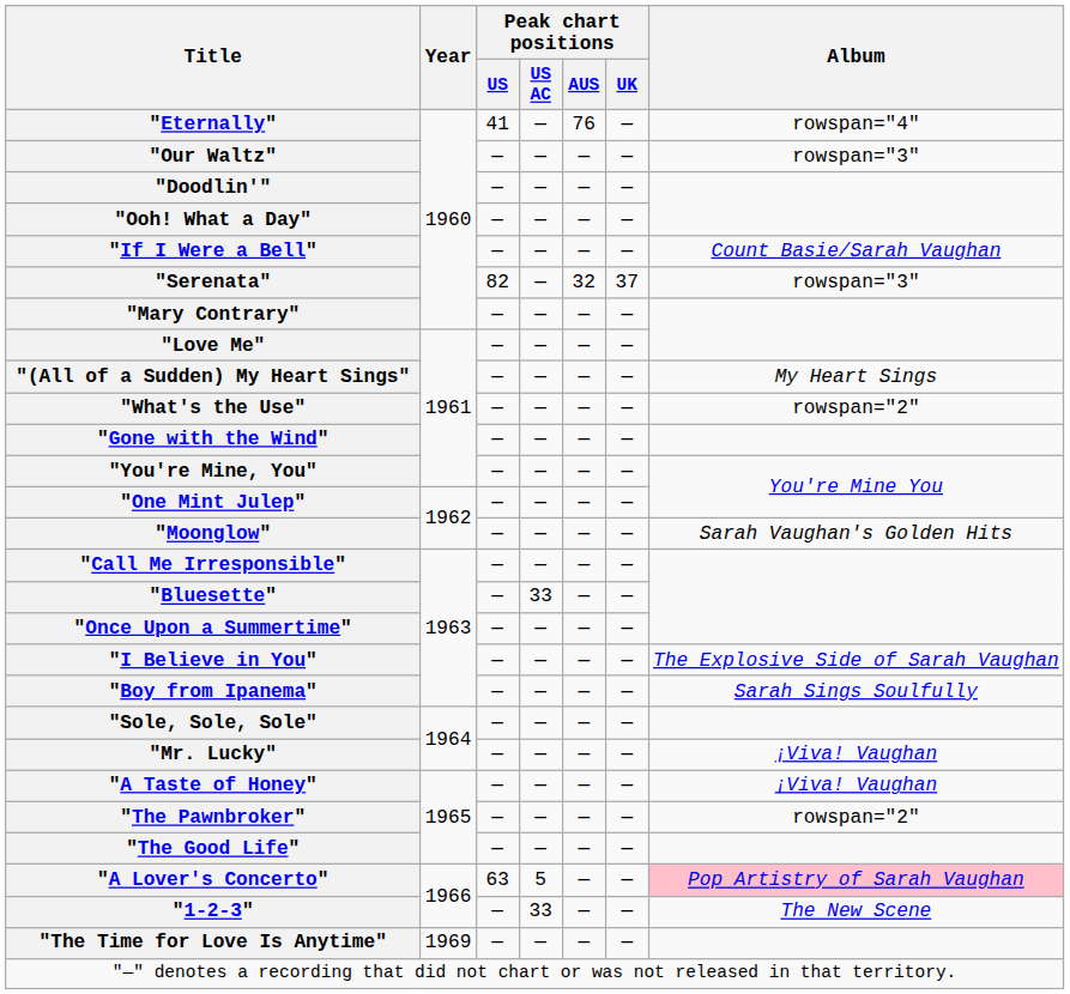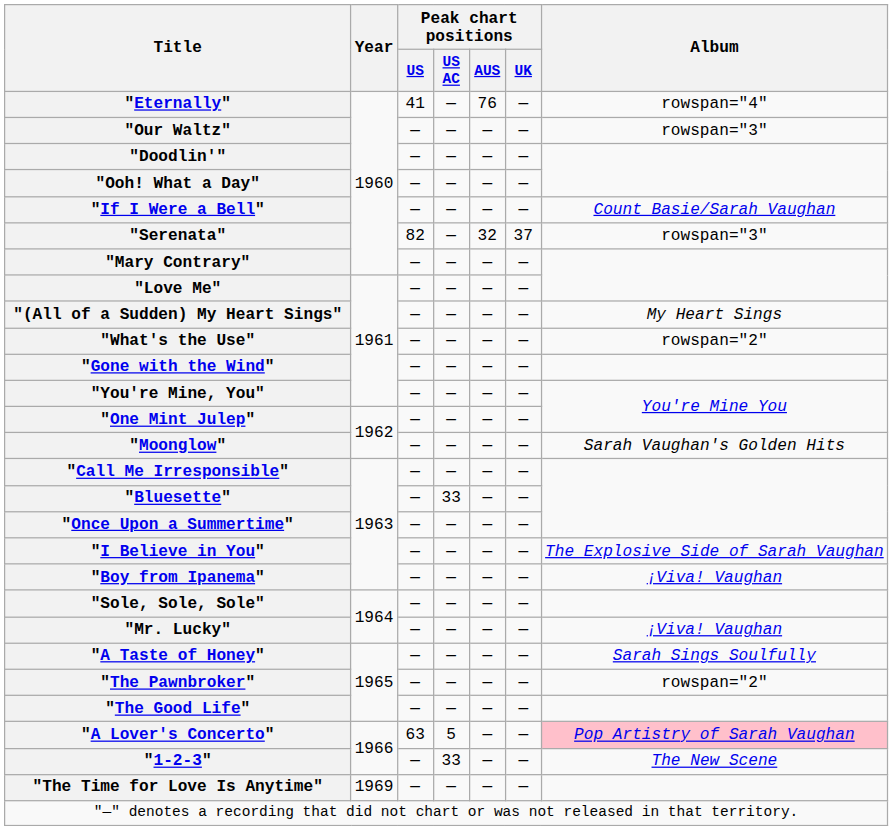 <table class="wikitable plainrowheaders" style="text-align:center;">
 <tr>
 <th scope="col" rowspan="2" style="width:21em;">Title</th>
 <th scope="col" rowspan="2">Year</th>
 <th scope="col" colspan="4">Peak chart positions</th>
 <th scope="col" rowspan="2">Album</th>
 </tr>
 <tr>
 <th scope="col" style="width:2em;font-size:90%;"><a href='#'>US</a><br></th>
 <th scope="col" style="width:2em;font-size:90%;"><a href='#'>US<br>AC</a><br></th>
 <th scope="col" style="width:2em;font-size:90%;"><a href='#'>AUS</a><br></th>
 <th scope="col" style="width:2em;font-size:90%;"><a href='#'>UK</a><br></th>
 </tr>
 <tr>
 <th scope="row">"<a href='#'>Eternally</a>"</th>
 <td rowspan="7">1960</td>
 <td>41</td>
 <td>—</td>
 <td>76</td>
 <td>—</td>
 <td>rowspan="4" </td>
 </tr>
 <tr>
 <th scope="row">"Our Waltz"</th>
 <td>—</td>
 <td>—</td>
 <td>—</td>
 <td>—</td>
 <td>rowspan="3" </td>
 </tr>
 <tr>
 <th scope="row">"Doodlin'"</th>
 <td>—</td>
 <td>—</td>
 <td>—</td>
 <td>—</td>
 </tr>
 <tr>
 <th scope="row">"Ooh! What a Day"</th>
 <td>—</td>
 <td>—</td>
 <td>—</td>
 <td>—</td>
 </tr>
 <tr>
 <th scope="row">"<a href='#'>If I Were a Bell</a>"</th>
 <td>—</td>
 <td>—</td>
 <td>—</td>
 <td>—</td>
 <td><em><a href='#'>Count Basie/Sarah Vaughan</a></em></td>
 </tr>
 <tr>
 <th scope="row">"Serenata"</th>
 <td>82</td>
 <td>—</td>
 <td>32</td>
 <td>37</td>
 <td>rowspan="3" </td>
 </tr>
 <tr>
 <th scope="row">"Mary Contrary"</th>
 <td>—</td>
 <td>—</td>
 <td>—</td>
 <td>—</td>
 </tr>
 <tr>
 <th scope="row">"Love Me"</th>
 <td rowspan="5">1961</td>
 <td>—</td>
 <td>—</td>
 <td>—</td>
 <td>—</td>
 </tr>
 <tr>
 <th scope="row">"(All of a Sudden) My Heart Sings"</th>
 <td>—</td>
 <td>—</td>
 <td>—</td>
 <td>—</td>
 <td><em>My Heart Sings</em></td>
 </tr>
 <tr>
 <th scope="row">"What's the Use"</th>
 <td>—</td>
 <td>—</td>
 <td>—</td>
 <td>—</td>
 <td>rowspan="2" </td>
 </tr>
 <tr>
 <th scope="row">"<a href='#'>Gone with the Wind</a>"</th>
 <td>—</td>
 <td>—</td>
 <td>—</td>
 <td>—</td>
 </tr>
 <tr>
 <th scope="row">"You're Mine, You"</th>
 <td>—</td>
 <td>—</td>
 <td>—</td>
 <td>—</td>
 <td rowspan="2"><em><a href='#'>You're Mine You</a></em></td>
 </tr>
 <tr>
 <th scope="row">"<a href='#'>One Mint Julep</a>"</th>
 <td rowspan="2">1962</td>
 <td>—</td>
 <td>—</td>
 <td>—</td>
 <td>—</td>
 </tr>
 <tr>
 <th scope="row">"<a href='#'>Moonglow</a>"</th>
 <td>—</td>
 <td>—</td>
 <td>—</td>
 <td>—</td>
 <td><em>Sarah Vaughan's Golden Hits</em></td>
 </tr>
 <tr>
 <th scope="row">"<a href='#'>Call Me Irresponsible</a>"</th>
 <td rowspan="5">1963</td>
 <td>—</td>
 <td>—</td>
 <td>—</td>
 <td>—</td>
 </tr>
 <tr>
 <th scope="row">"<a href='#'>Bluesette</a>"</th>
 <td>—</td>
 <td>33</td>
 <td>—</td>
 <td>—</td>
 </tr>
 <tr>
 <th scope="row">"<a href='#'>Once Upon a Summertime</a>"</th>
 <td>—</td>
 <td>—</td>
 <td>—</td>
 <td>—</td>
 </tr>
 <tr>
 <th scope="row">"<a href='#'>I Believe in You</a>"</th>
 <td>—</td>
 <td>—</td>
 <td>—</td>
 <td>—</td>
 <td><em><a href='#'>The Explosive Side of Sarah Vaughan</a></em></td>
 </tr>
 <tr>
 <th scope="row">"<a href='#'>Boy from Ipanema</a>"</th>
 <td>—</td>
 <td>—</td>
 <td>—</td>
 <td>—</td>
-<td><em><a href='#'>Sarah Sings Soulfully</a></em></td>
+<td><em><a href='#'>¡Viva! Vaughan</a></em></td>
 </tr>
 <tr>
 <th scope="row">"Sole, Sole, Sole"</th>
 <td rowspan="2">1964</td>
 <td>—</td>
 <td>—</td>
 <td>—</td>
 <td>—</td>
 <td></td>
 </tr>
 <tr>
 <th scope="row">"Mr. Lucky"</th>
 <td>—</td>
 <td>—</td>
 <td>—</td>
 <td>—</td>
 <td><em><a href='#'>¡Viva! Vaughan</a></em></td>
 </tr>
 <tr>
 <th scope="row">"<a href='#'>A Taste of Honey</a>"</th>
 <td rowspan="3">1965</td>
 <td>—</td>
 <td>—</td>
 <td>—</td>
 <td>—</td>
-<td><em><a href='#'>¡Viva! Vaughan</a></em></td>
+<td><em><a href='#'>Sarah Sings Soulfully</a></em></td>
 </tr>
 <tr>
 <th scope="row">"<a href='#'>The Pawnbroker</a>"</th>
 <td>—</td>
 <td>—</td>
 <td>—</td>
 <td>—</td>
 <td>rowspan="2" </td>
 </tr>
 <tr>
 <th scope="row">"<a href='#'>The Good Life</a>"</th>
 <td>—</td>
 <td>—</td>
 <td>—</td>
 <td>—</td>
 </tr>
 <tr>
 <th scope="row">"<a href='#'>A Lover's Concerto</a>"</th>
 <td rowspan="2">1966</td>
 <td>63</td>
 <td>5</td>
 <td>—</td>
 <td>—</td>
 <td style="background: pink;"><em><a href='#'>Pop Artistry of Sarah Vaughan</a></em></td>
 </tr>
 <tr>
 <th scope="row">"<a href='#'>1-2-3</a>"</th>
 <td>—</td>
 <td>33</td>
 <td>—</td>
 <td>—</td>
 <td><em><a href='#'>The New Scene</a></em></td>
 </tr>
 <tr>
 <th scope="row">"The Time for Love Is Anytime"</th>
 <td>1969</td>
 <td>—</td>
 <td>—</td>
 <td>—</td>
 <td>—</td>
 <td></td>
 </tr>
 <tr>
 <td colspan="7" style="font-size:90%">"—" denotes a recording that did not chart or was not released in that territory.</td>
 </tr>
 </table>
